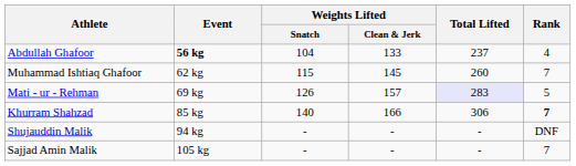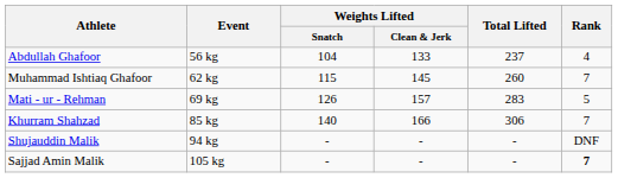 <table class="wikitable" style="font-size:90%">
 <tr>
 <th rowspan="2" width=200>Athlete</th>
 <th rowspan="2" width=100>Event</th>
 <th colspan="2" width=200>Weights Lifted</th>
 <th rowspan="2" width=100>Total Lifted</th>
 <th rowspan="2" width=50>Rank</th>
 </tr>
 <tr>
 <th width=100><small>Snatch</small></th>
 <th width=100><small>Clean & Jerk</small></th>
 </tr>
 <tr>
 <td><a href='#'>Abdullah Ghafoor</a></td>
-<td><strong>56 kg</strong></td>
+<td>56 kg</td>
 <td align="center">104</td>
 <td align="center">133</td>
 <td align="center">237</td>
 <td align="center">4</td>
 </tr>
 <tr>
 <td>Muhammad Ishtiaq Ghafoor</td>
 <td>62 kg</td>
 <td align="center">115</td>
 <td align="center">145</td>
 <td align="center">260</td>
 <td align="center">7</td>
 </tr>
 <tr>
 <td><a href='#'>Mati - ur - Rehman</a></td>
 <td>69 kg</td>
 <td align="center">126</td>
 <td align="center">157</td>
-<td align="center" style="background: lavender;">283</td>
+<td align="center">283</td>
 <td align="center">5</td>
 </tr>
 <tr>
 <td><a href='#'>Khurram Shahzad</a></td>
 <td>85 kg</td>
 <td align="center">140</td>
 <td align="center">166</td>
 <td align="center">306</td>
-<td align="center"><strong>7</strong></td>
+<td align="center">7</td>
 </tr>
 <tr>
 <td><a href='#'>Shujauddin Malik</a></td>
 <td>94 kg</td>
 <td align="center">-</td>
 <td align="center">-</td>
 <td align="center">-</td>
 <td align="center">DNF</td>
 </tr>
 <tr>
 <td>Sajjad Amin Malik</td>
 <td>105 kg</td>
 <td align="center">-</td>
 <td align="center">-</td>
 <td align="center">-</td>
-<td align="center">7</td>
+<td align="center"><strong>7</strong></td>
 </tr>
 </table>
